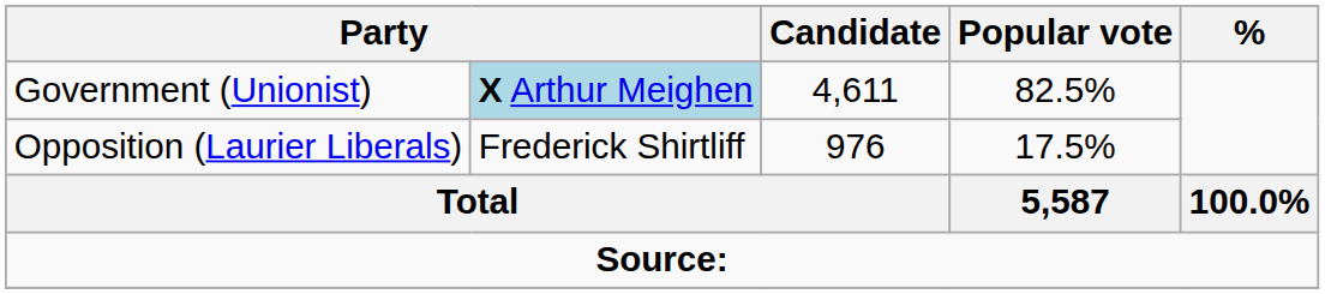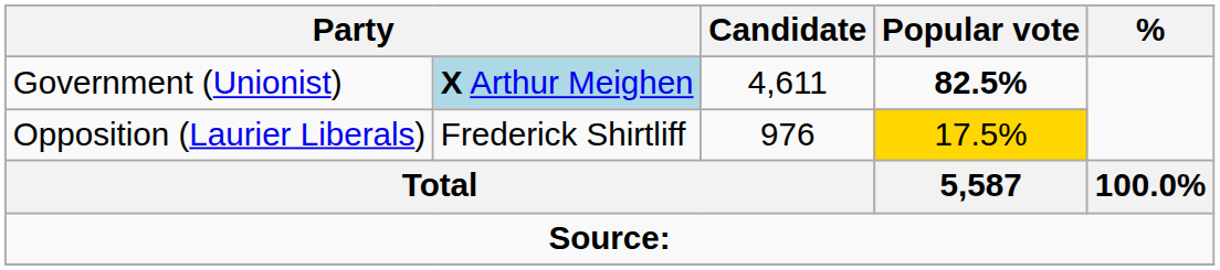 <table class="wikitable">
 <tr>
 <th colspan="2">Party</th>
 <th>Candidate</th>
 <th>Popular vote</th>
 <th>%</th>
 </tr>
 <tr>
 <td>Government (<a href='#'>Unionist</a>)</td>
 <td style="background: lightblue;"> <strong>X</strong> <a href='#'>Arthur Meighen</a></td>
 <td align=center>4,611</td>
-<td align=center>82.5%</td>
+<td align=center><strong>82.5%</strong></td>
 </tr>
 <tr>
 <td>Opposition (<a href='#'>Laurier Liberals</a>)</td>
 <td>Frederick Shirtliff</td>
 <td align=center>976</td>
-<td align=center>17.5%</td>
+<td align=center style="background: gold;">17.5%</td>
 </tr>
 <tr>
 <th colspan=3 align=center>Total</th>
 <th align=center>5,587</th>
 <th align=center>100.0%</th>
 </tr>
 <tr>
 <td align="center" colspan=5><strong>Source:</strong> </td>
 </tr>
 <tr>
 </tr>
 </table>
